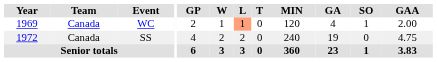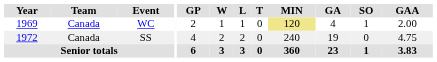 <table border="0" cellpadding="1" cellspacing="0" ID="Table3" style="text-align:center; width:40em">
 <tr ALIGN="center" bgcolor="#e0e0e0">
 <th>Year</th>
 <th>Team</th>
 <th>Event</th>
 <th rowspan="99" bgcolor="#ffffff"></th>
 <th>GP</th>
 <th>W</th>
 <th>L</th>
 <th>T</th>
 <th>MIN</th>
 <th>GA</th>
 <th>SO</th>
 <th>GAA</th>
 </tr>
 <tr>
 <td><a href='#'>1969</a></td>
 <td><a href='#'>Canada</a></td>
 <td><a href='#'>WC</a></td>
 <td>2</td>
 <td>1</td>
-<td style="background: lightsalmon;">1</td>
+<td>1</td>
 <td>0</td>
-<td>120</td>
+<td style="background: khaki;">120</td>
 <td>4</td>
 <td>1</td>
 <td>2.00</td>
 </tr>
 <tr bgcolor="#f0f0f0">
 <td><a href='#'>1972</a></td>
 <td>Canada</td>
 <td>SS</td>
 <td>4</td>
 <td>2</td>
 <td>2</td>
 <td>0</td>
 <td>240</td>
 <td>19</td>
 <td>0</td>
 <td>4.75</td>
 </tr>
 <tr bgcolor="#e0e0e0">
 <th colspan="3">Senior totals</th>
 <th>6</th>
 <th>3</th>
 <th>3</th>
 <th>0</th>
 <th>360</th>
 <th>23</th>
 <th>1</th>
 <th>3.83</th>
 </tr>
 </table>
